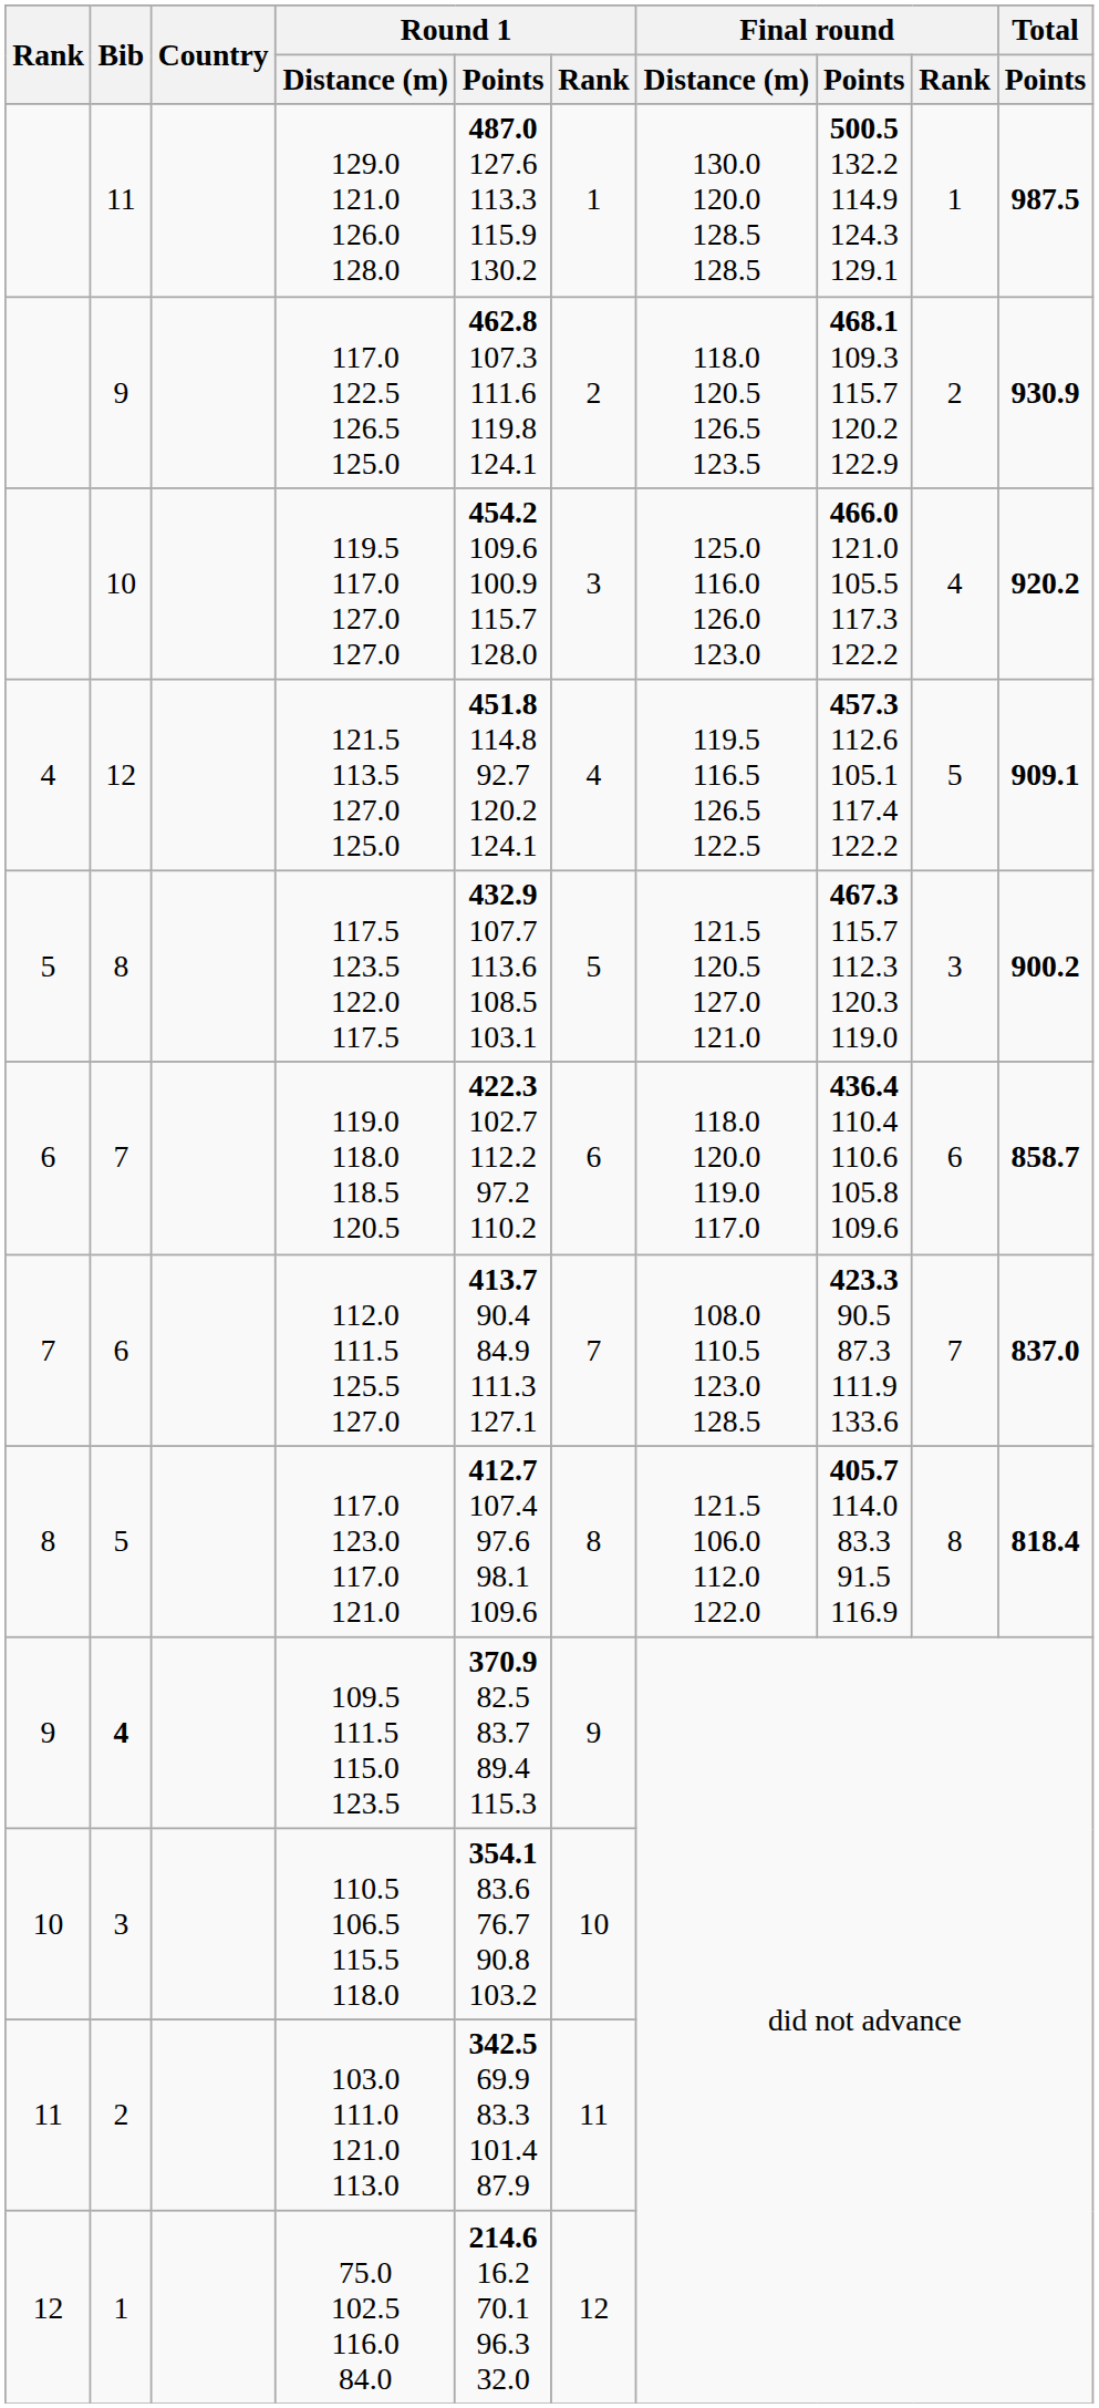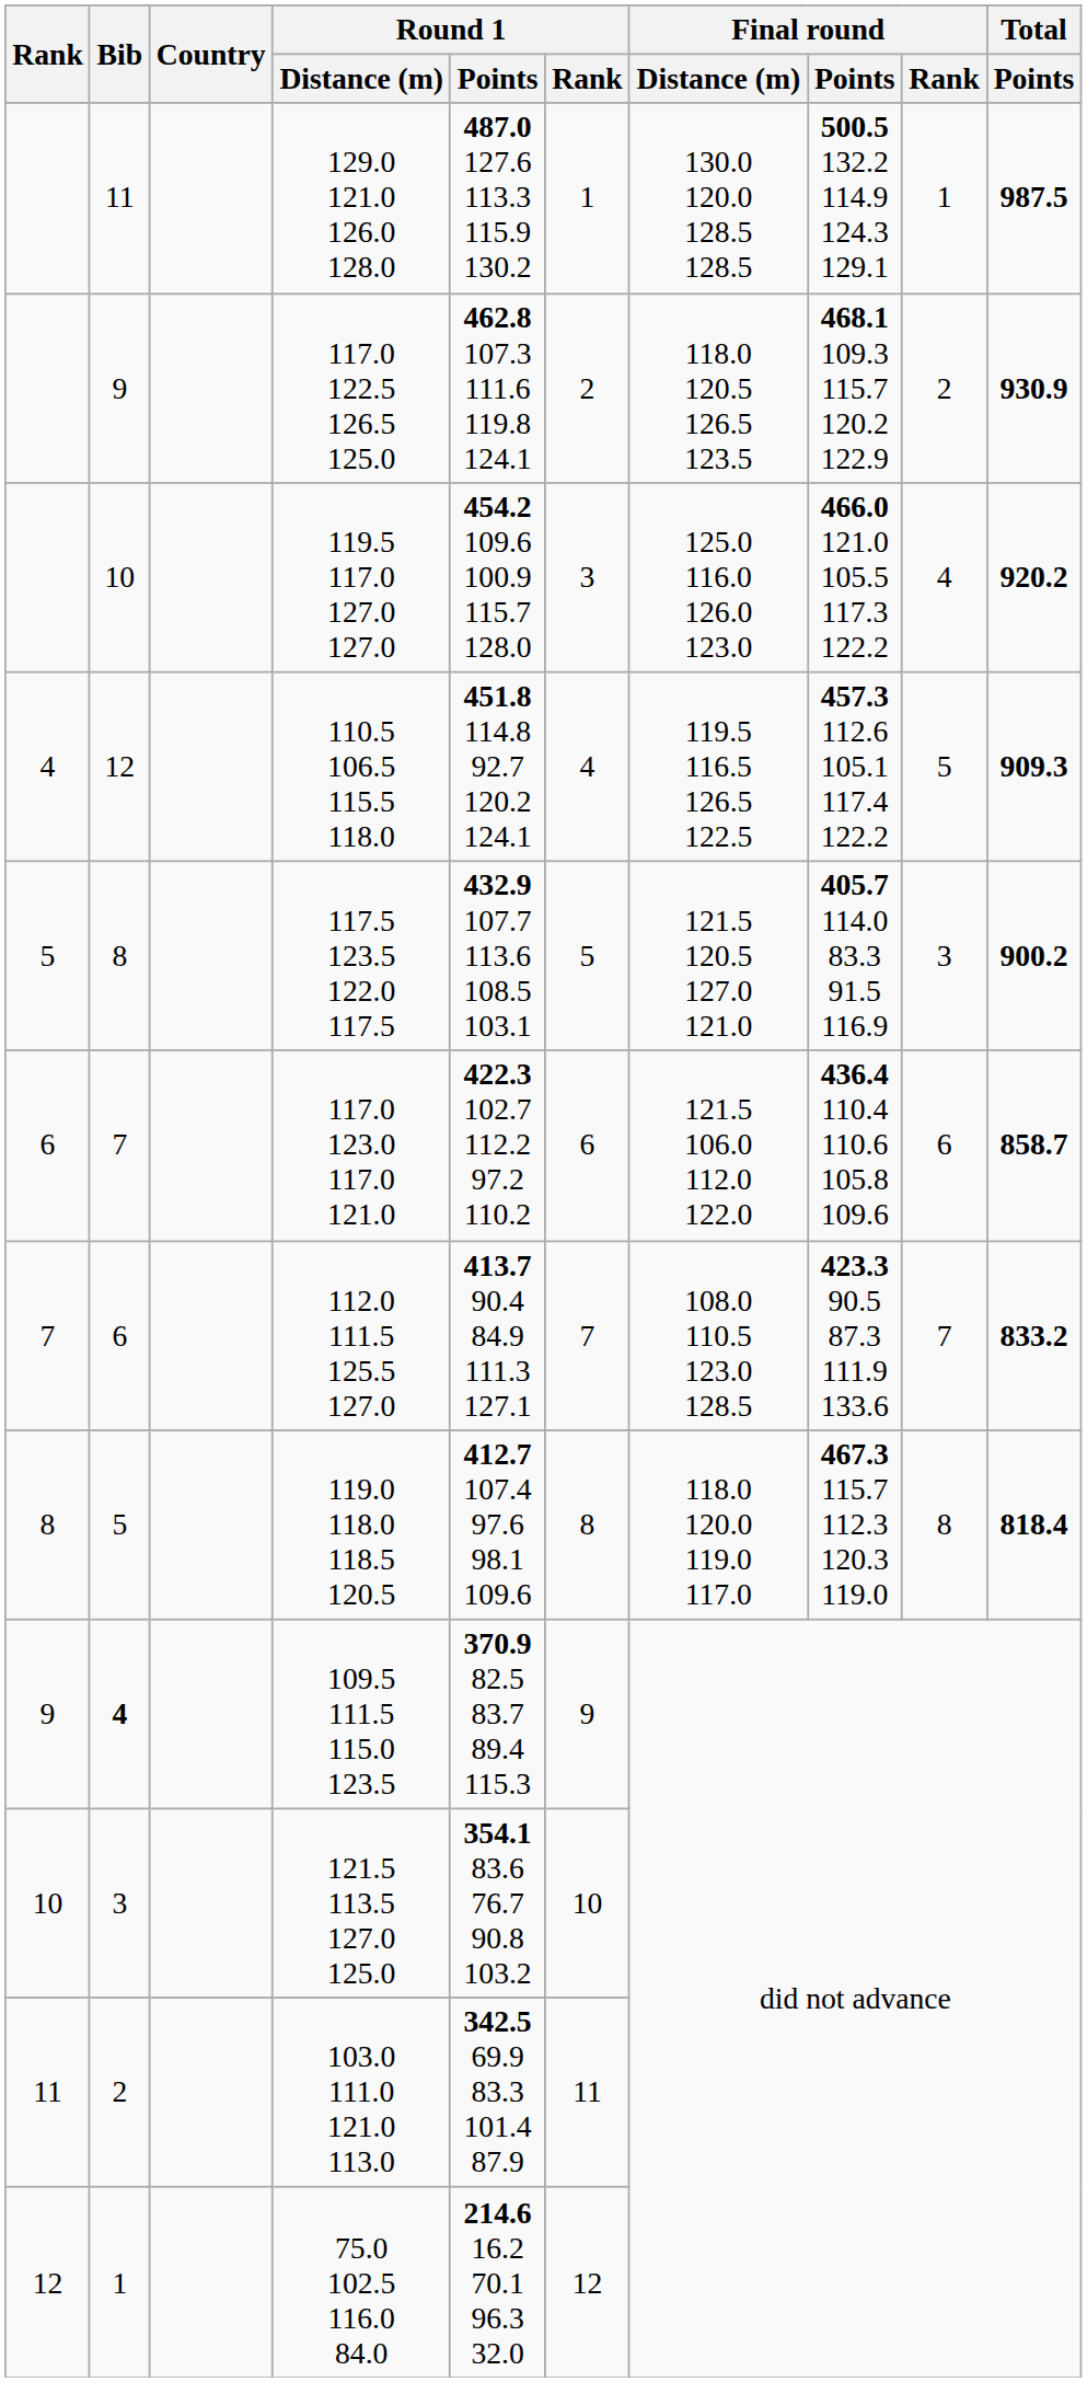 <table class="wikitable sortable" style="text-align:center;font-size:97%">
 <tr>
 <th rowspan=2>Rank</th>
 <th rowspan=2>Bib</th>
 <th rowspan=2>Country</th>
 <th colspan=3>Round 1</th>
 <th colspan=3>Final round</th>
 <th>Total</th>
 </tr>
 <tr>
 <th>Distance (m)</th>
 <th>Points</th>
 <th>Rank</th>
 <th>Distance (m)</th>
 <th>Points</th>
 <th>Rank</th>
 <th>Points</th>
 </tr>
 <tr>
 <td></td>
 <td>11</td>
 <td align=left><br></td>
 <td><br>129.0<br>121.0<br>126.0<br>128.0</td>
 <td><strong>487.0</strong><br>127.6<br>113.3<br>115.9<br>130.2</td>
 <td>1</td>
 <td><br>130.0<br>120.0<br>128.5<br>128.5</td>
 <td><strong>500.5</strong><br>132.2<br>114.9<br>124.3<br>129.1</td>
 <td>1</td>
 <td><strong>987.5</strong></td>
 </tr>
 <tr>
 <td></td>
 <td>9</td>
 <td align=left><br></td>
 <td><br>117.0<br>122.5<br>126.5<br>125.0</td>
 <td><strong>462.8</strong><br>107.3<br>111.6<br>119.8<br>124.1</td>
 <td>2</td>
 <td><br>118.0<br>120.5<br>126.5<br>123.5</td>
 <td><strong>468.1</strong><br>109.3<br>115.7<br>120.2<br>122.9</td>
 <td>2</td>
 <td><strong>930.9</strong></td>
 </tr>
 <tr>
 <td></td>
 <td>10</td>
 <td align=left><br></td>
 <td><br>119.5<br>117.0<br>127.0<br>127.0</td>
 <td><strong>454.2</strong><br>109.6<br>100.9<br>115.7<br>128.0</td>
 <td>3</td>
 <td><br>125.0<br>116.0<br>126.0<br>123.0</td>
 <td><strong>466.0</strong><br>121.0<br>105.5<br>117.3<br>122.2</td>
 <td>4</td>
 <td><strong>920.2</strong></td>
 </tr>
 <tr>
 <td>4</td>
 <td>12</td>
 <td align=left><br></td>
-<td><br>121.5<br>113.5<br>127.0<br>125.0</td>
+<td><br>110.5<br>106.5<br>115.5<br>118.0</td>
 <td><strong>451.8</strong><br>114.8<br>92.7<br>120.2<br>124.1</td>
 <td>4</td>
 <td><br>119.5<br>116.5<br>126.5<br>122.5</td>
 <td><strong>457.3</strong><br>112.6<br>105.1<br>117.4<br>122.2</td>
 <td>5</td>
-<td><strong>909.1</strong></td>
+<td><strong>909.3</strong></td>
 </tr>
 <tr>
 <td>5</td>
 <td>8</td>
 <td align=left><br></td>
 <td><br>117.5<br>123.5<br>122.0<br>117.5</td>
 <td><strong>432.9</strong><br>107.7<br>113.6<br>108.5<br>103.1</td>
 <td>5</td>
 <td><br>121.5<br>120.5<br>127.0<br>121.0</td>
-<td><strong>467.3</strong><br>115.7<br>112.3<br>120.3<br>119.0</td>
+<td><strong>405.7</strong><br>114.0<br>83.3<br>91.5<br>116.9</td>
 <td>3</td>
 <td><strong>900.2</strong></td>
 </tr>
 <tr>
 <td>6</td>
 <td>7</td>
 <td align=left><br></td>
-<td><br>119.0<br>118.0<br>118.5<br>120.5</td>
+<td><br>117.0<br>123.0<br>117.0<br>121.0</td>
 <td><strong>422.3</strong><br>102.7<br>112.2<br>97.2<br>110.2</td>
 <td>6</td>
-<td><br>118.0<br>120.0<br>119.0<br>117.0</td>
+<td><br>121.5<br>106.0<br>112.0<br>122.0</td>
 <td><strong>436.4</strong><br>110.4<br>110.6<br>105.8<br>109.6</td>
 <td>6</td>
 <td><strong>858.7</strong></td>
 </tr>
 <tr>
 <td>7</td>
 <td>6</td>
 <td align=left><br></td>
 <td><br>112.0<br>111.5<br>125.5<br>127.0</td>
 <td><strong>413.7</strong><br>90.4<br>84.9<br>111.3<br>127.1</td>
 <td>7</td>
 <td><br>108.0<br>110.5<br>123.0<br>128.5</td>
 <td><strong>423.3</strong><br>90.5<br>87.3<br>111.9<br>133.6</td>
 <td>7</td>
-<td><strong>837.0</strong></td>
+<td><strong>833.2</strong></td>
 </tr>
 <tr>
 <td>8</td>
 <td>5</td>
 <td align=left><br></td>
-<td><br>117.0<br>123.0<br>117.0<br>121.0</td>
+<td><br>119.0<br>118.0<br>118.5<br>120.5</td>
 <td><strong>412.7</strong><br>107.4<br>97.6<br>98.1<br>109.6</td>
 <td>8</td>
-<td><br>121.5<br>106.0<br>112.0<br>122.0</td>
-<td><strong>405.7</strong><br>114.0<br>83.3<br>91.5<br>116.9</td>
+<td><br>118.0<br>120.0<br>119.0<br>117.0</td>
+<td><strong>467.3</strong><br>115.7<br>112.3<br>120.3<br>119.0</td>
 <td>8</td>
 <td><strong>818.4</strong></td>
 </tr>
 <tr>
 <td>9</td>
 <td><strong>4</strong></td>
 <td align=left><br></td>
 <td><br>109.5<br>111.5<br>115.0<br>123.5</td>
 <td><strong>370.9</strong><br>82.5<br>83.7<br>89.4<br>115.3</td>
 <td>9</td>
 <td colspan=4 rowspan=4>did not advance</td>
 </tr>
 <tr>
 <td>10</td>
 <td>3</td>
 <td align=left><br></td>
-<td><br>110.5<br>106.5<br>115.5<br>118.0</td>
+<td><br>121.5<br>113.5<br>127.0<br>125.0</td>
 <td><strong>354.1</strong><br>83.6<br>76.7<br>90.8<br>103.2</td>
 <td>10</td>
 </tr>
 <tr>
 <td>11</td>
 <td>2</td>
 <td align=left><br></td>
 <td><br>103.0<br>111.0<br>121.0<br>113.0</td>
 <td><strong>342.5</strong><br>69.9<br>83.3<br>101.4<br>87.9</td>
 <td>11</td>
 </tr>
 <tr>
 <td>12</td>
 <td>1</td>
 <td align=left><br></td>
 <td><br>75.0<br>102.5<br>116.0<br>84.0</td>
 <td><strong>214.6</strong><br>16.2<br>70.1<br>96.3<br>32.0</td>
 <td>12</td>
 </tr>
 </table>
